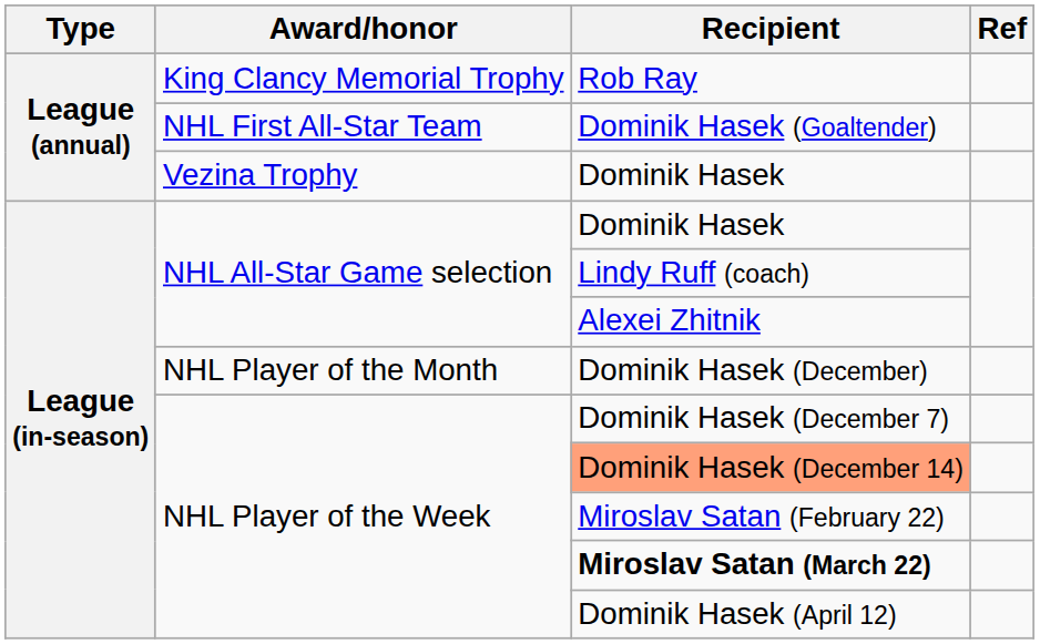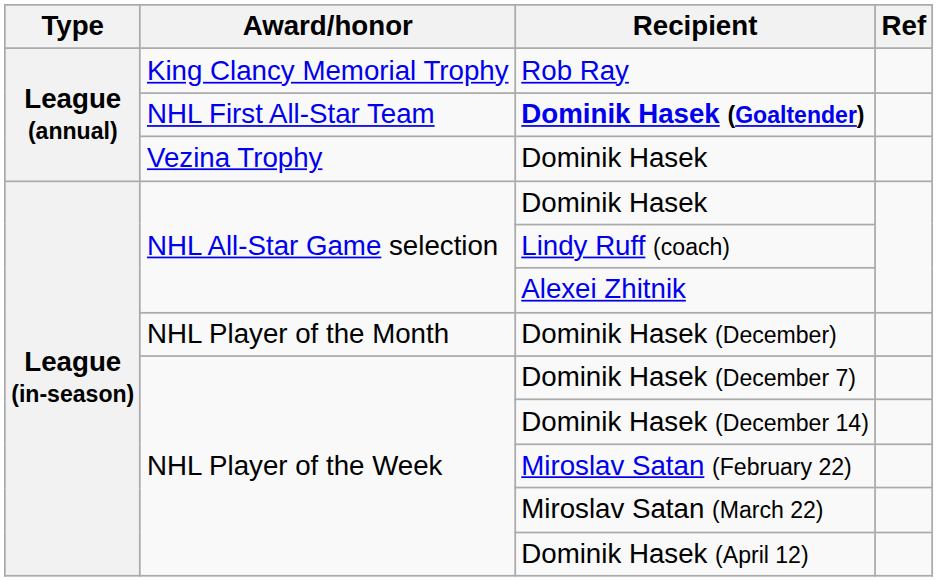 <table class="wikitable">
 <tr>
 <th scope="col">Type</th>
 <th scope="col">Award/honor</th>
 <th scope="col">Recipient</th>
 <th scope="col">Ref</th>
 </tr>
 <tr>
 <th scope="row" rowspan="3">League<br><small>(annual)</small></th>
 <td><a href='#'>King Clancy Memorial Trophy</a></td>
 <td><a href='#'>Rob Ray</a></td>
 <td></td>
 </tr>
 <tr>
 <td><a href='#'>NHL First All-Star Team</a></td>
-<td><a href='#'>Dominik Hasek</a> <small>(<a href='#'>Goaltender</a>)</small></td>
+<td><strong><a href='#'>Dominik Hasek</a> <small>(<a href='#'>Goaltender</a>)</small></strong></td>
 <td></td>
 </tr>
 <tr>
 <td><a href='#'>Vezina Trophy</a></td>
 <td>Dominik Hasek</td>
 <td></td>
 </tr>
 <tr>
 <th scope="row" rowspan="9">League<br><small>(in-season)</small></th>
 <td rowspan="3"><a href='#'>NHL All-Star Game</a> selection</td>
 <td>Dominik Hasek</td>
 <td rowspan="3"></td>
 </tr>
 <tr>
 <td><a href='#'>Lindy Ruff</a> <small>(coach)</small></td>
 </tr>
 <tr>
 <td><a href='#'>Alexei Zhitnik</a></td>
 </tr>
 <tr>
 <td>NHL Player of the Month</td>
 <td>Dominik Hasek <small>(December)</small></td>
 <td></td>
 </tr>
 <tr>
 <td rowspan="5">NHL Player of the Week</td>
 <td>Dominik Hasek <small>(December 7)</small></td>
 <td></td>
 </tr>
 <tr>
-<td style="background: lightsalmon;">Dominik Hasek <small>(December 14)</small></td>
+<td>Dominik Hasek <small>(December 14)</small></td>
 <td></td>
 </tr>
 <tr>
 <td><a href='#'>Miroslav Satan</a> <small>(February 22)</small></td>
 <td></td>
 </tr>
 <tr>
-<td><strong>Miroslav Satan <small>(March 22)</small></strong></td>
+<td>Miroslav Satan <small>(March 22)</small></td>
 <td></td>
 </tr>
 <tr>
 <td>Dominik Hasek <small>(April 12)</small></td>
 <td></td>
 </tr>
 </table>
